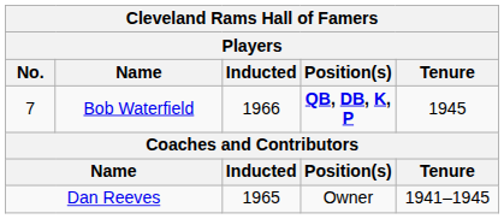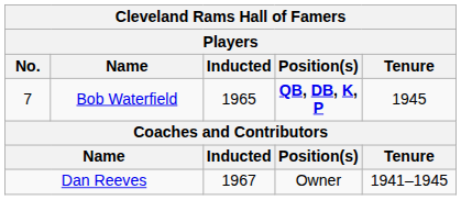 <table class="wikitable" style="text-align:center;">
 <tr>
 <th colspan="5">Cleveland Rams Hall of Famers</th>
 </tr>
 <tr>
 <th colspan="5">Players</th>
 </tr>
 <tr>
 <th style="width:40px;">No.</th>
 <th style="width:150px;">Name</th>
 <th style="width:30px;">Inducted</th>
 <th style="width:40px;">Position(s)</th>
 <th style="width:90px;">Tenure</th>
 </tr>
 <tr>
 <td>7</td>
 <td><a href='#'>Bob Waterfield</a></td>
-<td>1966</td>
+<td>1965</td>
 <td><strong><a href='#'>QB</a>, <a href='#'>DB</a>, <a href='#'>K</a>, <a href='#'>P</a></strong></td>
 <td>1945</td>
 </tr>
 <tr>
 <th colspan="5">Coaches and Contributors</th>
 </tr>
 <tr>
 <th style="width:150px;" colspan=2>Name</th>
 <th style="width:30px;">Inducted</th>
 <th style="width:40px;">Position(s)</th>
 <th style="width:90px;">Tenure</th>
 </tr>
 <tr>
 <td colspan=2><a href='#'>Dan Reeves</a></td>
-<td>1965</td>
+<td>1967</td>
 <td>Owner</td>
 <td>1941–1945</td>
 </tr>
 </table>
